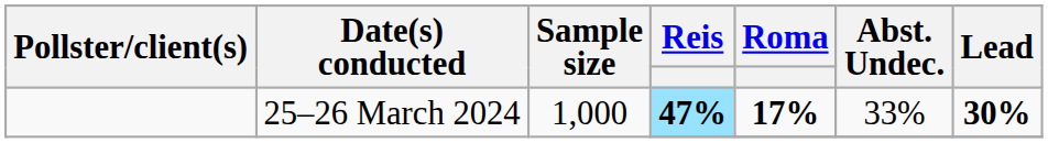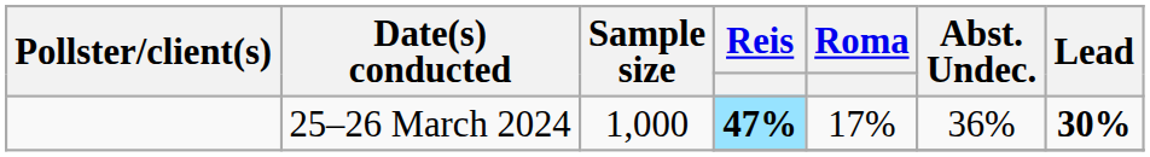 <table class="wikitable" style="text-align:center;font-size:90%;line-height:14px;">
 <tr>
 <th rowspan="2">Pollster/client(s)</th>
 <th rowspan="2">Date(s) <br>conducted</th>
 <th rowspan="2">Sample <br>size</th>
 <th><a href='#'>Reis</a><br></th>
 <th><a href='#'>Roma</a><br></th>
 <th rowspan="2">Abst.<br>Undec.</th>
 <th rowspan="2">Lead</th>
 </tr>
 <tr>
 <th data-sort-type="number" class="sortable" style="background:"></th>
 <th data-sort-type="number" class="sortable" style="background:"></th>
 </tr>
 <tr>
 <td rowspan="2"></td>
 <td rowspan="2">25–26 March 2024</td>
 <td rowspan="2">1,000</td>
 <td style="background:#97e3ff;"><strong>47%</strong></td>
-<td><strong>17%</strong></td>
-<td>33%</td>
+<td>17%</td>
+<td>36%</td>
 <td style="background:"><strong>30%</strong></td>
 </tr>
 <tr>
 </tr>
 </table>
